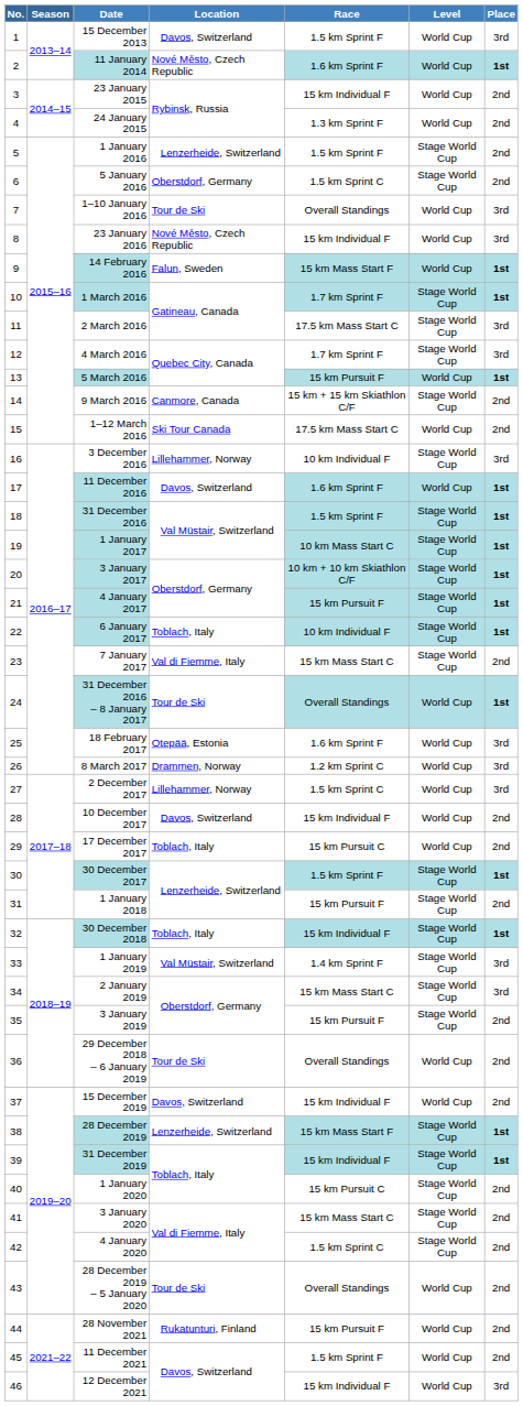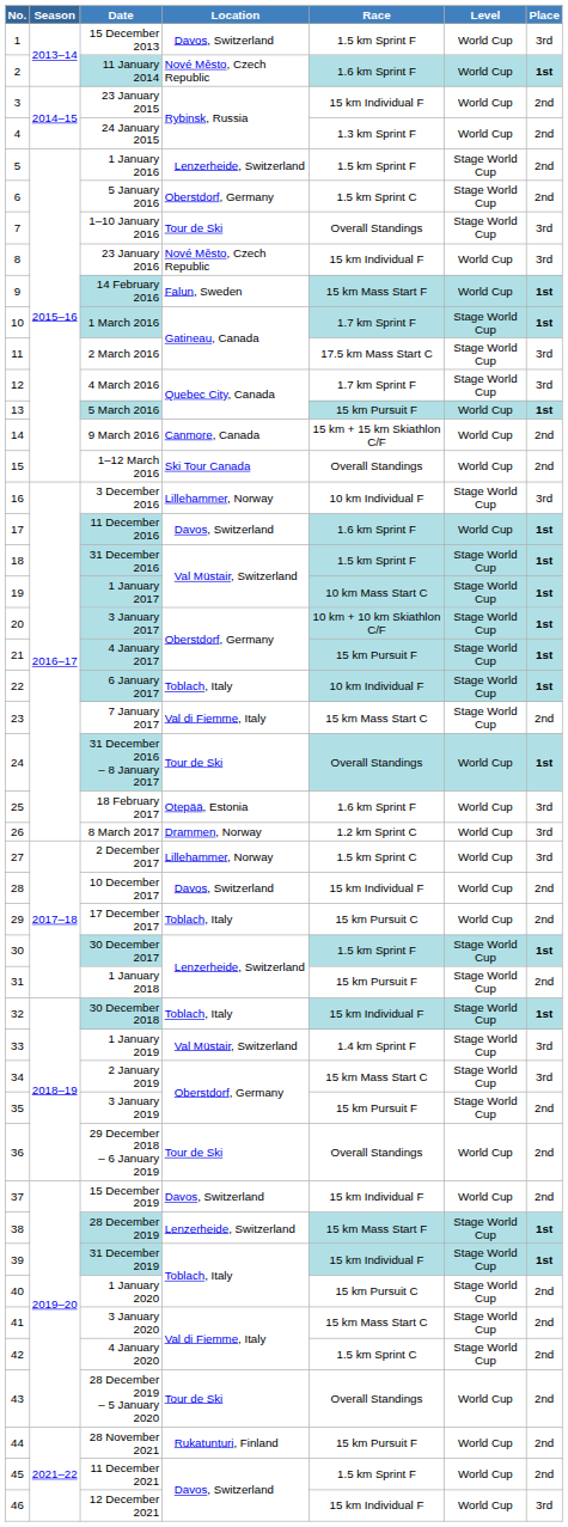 <table class="wikitable sortable" style="font-size:95%; text-align:center; border:grey solid 1px; border-collapse:collapse; background:#ffffff;">
 <tr style="background:#efefef;">
 <th style="background-color:#369; color:white;">No.</th>
 <th style="background-color:#369; color:white;">Season</th>
 <th style="background-color:#4180be; color:white; width:100px;">Date</th>
 <th style="background-color:#4180be; color:white; width:185px;">Location</th>
 <th style="background-color:#4180be; color:white; width:170px;">Race</th>
 <th style="background-color:#4180be; color:white; width:100px;">Level</th>
 <th style="background-color:#4180be; color:white;">Place</th>
 </tr>
 <tr>
 <td align=center>1</td>
 <td rowspan=2 align=center><a href='#'>2013–14</a></td>
 <td align=right>15 December 2013</td>
 <td align=left>   <a href='#'>Davos</a>, Switzerland</td>
 <td>1.5 km Sprint F</td>
 <td>World Cup</td>
 <td>3rd</td>
 </tr>
 <tr>
 <td align=center>2</td>
 <td bgcolor="#BOEOE6" align=right>11 January 2014</td>
 <td align=left> <a href='#'>Nové Město</a>, Czech Republic</td>
 <td bgcolor="#BOEOE6">1.6 km Sprint F</td>
 <td bgcolor="#BOEOE6">World Cup</td>
 <td bgcolor="#BOEOE6"><strong>1st</strong></td>
 </tr>
 <tr>
 <td align=center>3</td>
 <td rowspan=2 align=center><a href='#'>2014–15</a></td>
 <td align=right>23 January 2015</td>
 <td rowspan=2 align=left> <a href='#'>Rybinsk</a>, Russia</td>
 <td>15 km Individual F</td>
 <td>World Cup</td>
 <td>2nd</td>
 </tr>
 <tr>
 <td align=center>4</td>
 <td align=right>24 January 2015</td>
 <td>1.3 km Sprint F</td>
 <td>World Cup</td>
 <td>2nd</td>
 </tr>
 <tr>
 <td align=center>5</td>
 <td rowspan=11 align=center><a href='#'>2015–16</a></td>
 <td align=right>1 January 2016</td>
 <td align=left>   <a href='#'>Lenzerheide</a>, Switzerland</td>
 <td>1.5 km Sprint F</td>
 <td>Stage World Cup</td>
 <td>2nd</td>
 </tr>
 <tr>
 <td align=center>6</td>
 <td align=right>5 January 2016</td>
 <td align=left> <a href='#'>Oberstdorf</a>, Germany</td>
 <td>1.5 km Sprint C</td>
 <td>Stage World Cup</td>
 <td>2nd</td>
 </tr>
 <tr>
 <td align=center>7</td>
 <td align=right>1–10 January 2016</td>
 <td align=left>  <a href='#'>Tour de Ski</a></td>
 <td>Overall Standings</td>
-<td>World Cup</td>
+<td>Stage World Cup</td>
 <td>3rd</td>
 </tr>
 <tr>
 <td align=center>8</td>
 <td align=right>23 January 2016</td>
 <td align=left> <a href='#'>Nové Město</a>, Czech Republic</td>
 <td>15 km Individual F</td>
 <td>World Cup</td>
 <td>3rd</td>
 </tr>
 <tr>
 <td align=center>9</td>
 <td bgcolor="#BOEOE6" align=right>14 February 2016</td>
 <td align=left> <a href='#'>Falun</a>, Sweden</td>
 <td bgcolor="#BOEOE6">15 km Mass Start F</td>
 <td bgcolor="#BOEOE6">World Cup</td>
 <td bgcolor="#BOEOE6"><strong>1st</strong></td>
 </tr>
 <tr>
 <td align=center>10</td>
 <td bgcolor="#BOEOE6" align=right>1 March 2016</td>
 <td rowspan=2 align=left> <a href='#'>Gatineau</a>, Canada</td>
 <td bgcolor="#BOEOE6">1.7 km Sprint F</td>
 <td bgcolor="#BOEOE6">Stage World Cup</td>
 <td bgcolor="#BOEOE6"><strong>1st</strong></td>
 </tr>
 <tr>
 <td align=center>11</td>
 <td align=right>2 March 2016</td>
 <td>17.5 km Mass Start C</td>
 <td>Stage World Cup</td>
 <td>3rd</td>
 </tr>
 <tr>
 <td align=center>12</td>
 <td align=right>4 March 2016</td>
 <td rowspan=2 align=left> <a href='#'>Quebec City</a>, Canada</td>
 <td>1.7 km Sprint F</td>
 <td>Stage World Cup</td>
 <td>3rd</td>
 </tr>
 <tr>
 <td align=center>13</td>
 <td bgcolor="#BOEOE6" align=right>5 March 2016</td>
 <td bgcolor="#BOEOE6">15 km Pursuit F</td>
 <td bgcolor="#BOEOE6">World Cup</td>
 <td bgcolor="#BOEOE6"><strong>1st</strong></td>
 </tr>
 <tr>
 <td align=center>14</td>
 <td align=right>9 March 2016</td>
 <td align=left> <a href='#'>Canmore</a>, Canada</td>
 <td>15 km + 15 km Skiathlon C/F</td>
-<td>Stage World Cup</td>
+<td>World Cup</td>
 <td>2nd</td>
 </tr>
 <tr>
 <td align=center>15</td>
 <td align=right>1–12 March 2016</td>
 <td align=left> <a href='#'>Ski Tour Canada</a></td>
-<td>17.5 km Mass Start C</td>
+<td>Overall Standings</td>
 <td>World Cup</td>
 <td>2nd</td>
 </tr>
 <tr>
 <td align=center>16</td>
 <td rowspan=11 align=center><a href='#'>2016–17</a></td>
 <td align=right>3 December 2016</td>
 <td align=left> <a href='#'>Lillehammer</a>, Norway</td>
 <td>10 km Individual F</td>
 <td>Stage World Cup</td>
 <td>3rd</td>
 </tr>
 <tr>
 <td align=center>17</td>
 <td bgcolor="#BOEOE6" align=right>11 December 2016</td>
 <td align=left>   <a href='#'>Davos</a>, Switzerland</td>
 <td bgcolor="#BOEOE6">1.6 km Sprint F</td>
 <td bgcolor="#BOEOE6">World Cup</td>
 <td bgcolor="#BOEOE6"><strong>1st</strong></td>
 </tr>
 <tr>
 <td align=center>18</td>
 <td bgcolor="#BOEOE6" align=right>31 December 2016</td>
 <td rowspan=2 align=left>   <a href='#'>Val Müstair</a>, Switzerland</td>
 <td bgcolor="#BOEOE6">1.5 km Sprint F</td>
 <td bgcolor="#BOEOE6">Stage World Cup</td>
 <td bgcolor="#BOEOE6"><strong>1st</strong></td>
 </tr>
 <tr>
 <td align=center>19</td>
 <td bgcolor="#BOEOE6" align=right>1 January 2017</td>
 <td bgcolor="#BOEOE6">10 km Mass Start C</td>
 <td bgcolor="#BOEOE6">Stage World Cup</td>
 <td bgcolor="#BOEOE6"><strong>1st</strong></td>
 </tr>
 <tr>
 <td align=center>20</td>
 <td bgcolor="#BOEOE6" align=right>3 January 2017</td>
 <td rowspan=2 align=left> <a href='#'>Oberstdorf</a>, Germany</td>
 <td bgcolor="#BOEOE6">10 km + 10 km Skiathlon C/F</td>
 <td bgcolor="#BOEOE6">Stage World Cup</td>
 <td bgcolor="#BOEOE6"><strong>1st</strong></td>
 </tr>
 <tr>
 <td align=center>21</td>
 <td bgcolor="#BOEOE6" align=right>4 January 2017</td>
 <td bgcolor="#BOEOE6">15 km Pursuit F</td>
 <td bgcolor="#BOEOE6">Stage World Cup</td>
 <td bgcolor="#BOEOE6"><strong>1st</strong></td>
 </tr>
 <tr>
 <td align=center>22</td>
 <td bgcolor="#BOEOE6" align=right>6 January 2017</td>
 <td align=left> <a href='#'>Toblach</a>, Italy</td>
 <td bgcolor="#BOEOE6">10 km Individual F</td>
 <td bgcolor="#BOEOE6">Stage World Cup</td>
 <td bgcolor="#BOEOE6"><strong>1st</strong></td>
 </tr>
 <tr>
 <td align=center>23</td>
 <td align=right>7 January 2017</td>
 <td align=left> <a href='#'>Val di Fiemme</a>, Italy</td>
 <td>15 km Mass Start C</td>
 <td>Stage World Cup</td>
 <td>2nd</td>
 </tr>
 <tr>
 <td align=center>24</td>
 <td bgcolor="#BOEOE6" align=right>31 December 2016<br>– 8 January 2017</td>
 <td align=left>  <a href='#'>Tour de Ski</a></td>
 <td bgcolor="#BOEOE6">Overall Standings</td>
 <td bgcolor="#BOEOE6">World Cup</td>
 <td bgcolor="#BOEOE6"><strong>1st</strong></td>
 </tr>
 <tr>
 <td align=center>25</td>
 <td align=right>18 February 2017</td>
 <td align=left> <a href='#'>Otepää</a>, Estonia</td>
 <td>1.6 km Sprint F</td>
 <td>World Cup</td>
 <td>3rd</td>
 </tr>
 <tr>
 <td align=center>26</td>
 <td align=right>8 March 2017</td>
 <td align=left> <a href='#'>Drammen</a>, Norway</td>
 <td>1.2 km Sprint C</td>
 <td>World Cup</td>
 <td>3rd</td>
 </tr>
 <tr>
 <td align=center>27</td>
 <td rowspan=5 align=center><a href='#'>2017–18</a></td>
 <td align=right>2 December 2017</td>
 <td align=left> <a href='#'>Lillehammer</a>, Norway</td>
 <td>1.5 km Sprint C</td>
 <td>World Cup</td>
 <td>3rd</td>
 </tr>
 <tr>
 <td align=center>28</td>
 <td align=right>10 December 2017</td>
 <td align=left>   <a href='#'>Davos</a>, Switzerland</td>
 <td>15 km Individual F</td>
 <td>World Cup</td>
 <td>2nd</td>
 </tr>
 <tr>
 <td align=center>29</td>
 <td align=right>17 December 2017</td>
 <td align=left> <a href='#'>Toblach</a>, Italy</td>
 <td>15 km Pursuit C</td>
 <td>World Cup</td>
 <td>2nd</td>
 </tr>
 <tr>
 <td align=center>30</td>
 <td bgcolor="#BOEOE6" align=right>30 December 2017</td>
 <td rowspan=2 align=left>   <a href='#'>Lenzerheide</a>, Switzerland</td>
 <td bgcolor="#BOEOE6">1.5 km Sprint F</td>
 <td bgcolor="#BOEOE6">Stage World Cup</td>
 <td bgcolor="#BOEOE6"><strong>1st</strong></td>
 </tr>
 <tr>
 <td align=center>31</td>
 <td align=right>1 January 2018</td>
 <td>15 km Pursuit F</td>
 <td>Stage World Cup</td>
 <td>2nd</td>
 </tr>
 <tr>
 <td align=center>32</td>
 <td rowspan=5 align=center><a href='#'>2018–19</a></td>
 <td bgcolor="#BOEOE6" align=right>30 December 2018</td>
 <td align=left> <a href='#'>Toblach</a>, Italy</td>
 <td bgcolor="#BOEOE6">15 km Individual F</td>
 <td bgcolor="#BOEOE6">Stage World Cup</td>
 <td bgcolor="#BOEOE6"><strong>1st</strong></td>
 </tr>
 <tr>
 <td align=center>33</td>
 <td align=right>1 January 2019</td>
 <td align=left>   <a href='#'>Val Müstair</a>, Switzerland</td>
 <td>1.4 km Sprint F</td>
 <td>Stage World Cup</td>
 <td>3rd</td>
 </tr>
 <tr>
 <td align=center>34</td>
 <td align=right>2 January 2019</td>
 <td rowspan=2 align=left>   <a href='#'>Oberstdorf</a>, Germany</td>
 <td>15 km Mass Start C</td>
 <td>Stage World Cup</td>
 <td>3rd</td>
 </tr>
 <tr>
 <td align=center>35</td>
 <td align=right>3 January 2019</td>
 <td>15 km Pursuit F</td>
 <td>Stage World Cup</td>
 <td>2nd</td>
 </tr>
 <tr>
 <td align=center>36</td>
 <td align=right>29 December 2018<br>– 6 January 2019</td>
 <td align=left> <a href='#'>Tour de Ski</a></td>
 <td>Overall Standings</td>
 <td>World Cup</td>
 <td>2nd</td>
 </tr>
 <tr>
 <td align=center>37</td>
 <td rowspan=7 align=center><a href='#'>2019–20</a></td>
 <td align=right>15 December 2019</td>
 <td align=left> <a href='#'>Davos</a>, Switzerland</td>
 <td>15 km Individual F</td>
 <td>World Cup</td>
 <td>2nd</td>
 </tr>
 <tr>
 <td align=center>38</td>
 <td bgcolor="#BOEOE6" align=right>28 December 2019</td>
 <td align=left> <a href='#'>Lenzerheide</a>, Switzerland</td>
 <td bgcolor="#BOEOE6">15 km Mass Start F</td>
 <td bgcolor="#BOEOE6">Stage World Cup</td>
 <td bgcolor="#BOEOE6"><strong>1st</strong></td>
 </tr>
 <tr>
 <td align=center>39</td>
 <td bgcolor="#BOEOE6" align=right>31 December 2019</td>
 <td rowspan=2 align=left> <a href='#'>Toblach</a>, Italy</td>
 <td bgcolor="#BOEOE6">15 km Individual F</td>
 <td bgcolor="#BOEOE6">Stage World Cup</td>
 <td bgcolor="#BOEOE6"><strong>1st</strong></td>
 </tr>
 <tr>
 <td align=center>40</td>
 <td align=right>1 January 2020</td>
 <td>15 km Pursuit C</td>
 <td>Stage World Cup</td>
 <td>2nd</td>
 </tr>
 <tr>
 <td align=center>41</td>
 <td align=right>3 January 2020</td>
 <td rowspan=2 align=left> <a href='#'>Val di Fiemme</a>, Italy</td>
 <td>15 km Mass Start C</td>
 <td>Stage World Cup</td>
 <td>2nd</td>
 </tr>
 <tr>
 <td align=center>42</td>
 <td align=right>4 January 2020</td>
 <td>1.5 km Sprint C</td>
 <td>Stage World Cup</td>
 <td>2nd</td>
 </tr>
 <tr>
 <td align=center>43</td>
 <td align=right>28 December 2019<br>– 5 January 2020</td>
 <td align=left> <a href='#'>Tour de Ski</a></td>
 <td>Overall Standings</td>
 <td>World Cup</td>
 <td>2nd</td>
 </tr>
 <tr>
 <td align=center>44</td>
 <td rowspan=3 align=center><a href='#'>2021–22</a></td>
 <td align=right>28 November 2021</td>
 <td align=left>   <a href='#'>Rukatunturi</a>, Finland</td>
 <td>15 km Pursuit F</td>
 <td>World Cup</td>
 <td>2nd</td>
 </tr>
 <tr>
 <td align=center>45</td>
 <td align=right>11 December 2021</td>
 <td rowspan=2 align=left>   <a href='#'>Davos</a>, Switzerland</td>
 <td>1.5 km Sprint F</td>
 <td>World Cup</td>
 <td>2nd</td>
 </tr>
 <tr>
 <td align=center>46</td>
 <td align=right>12 December 2021</td>
 <td>15 km Individual F</td>
 <td>World Cup</td>
 <td>3rd</td>
 </tr>
 </table>
